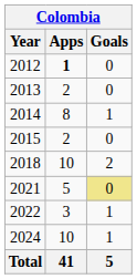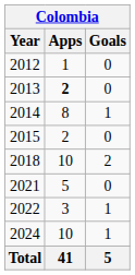 <table class="wikitable" style="text-align:center">
 <tr>
 <th colspan=3><a href='#'>Colombia</a></th>
 </tr>
 <tr>
 <th>Year</th>
 <th>Apps</th>
 <th>Goals</th>
 </tr>
 <tr>
 <td>2012</td>
-<td><strong>1</strong></td>
+<td>1</td>
 <td>0</td>
 </tr>
 <tr>
 <td>2013</td>
-<td>2</td>
+<td><strong>2</strong></td>
 <td>0</td>
 </tr>
 <tr>
 <td>2014</td>
 <td>8</td>
 <td>1</td>
 </tr>
 <tr>
 <td>2015</td>
 <td>2</td>
 <td>0</td>
 </tr>
 <tr>
 <td>2018</td>
 <td>10</td>
 <td>2</td>
 </tr>
 <tr>
 <td>2021</td>
 <td>5</td>
-<td style="background: khaki;">0</td>
+<td>0</td>
 </tr>
 <tr>
 <td>2022</td>
 <td>3</td>
 <td>1</td>
 </tr>
 <tr>
 <td>2024</td>
 <td>10</td>
 <td>1</td>
 </tr>
 <tr>
 <th>Total</th>
 <th>41</th>
 <th>5</th>
 </tr>
 </table>
